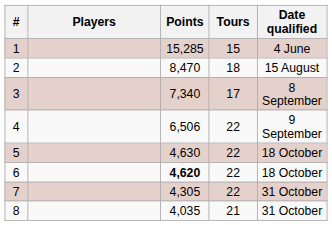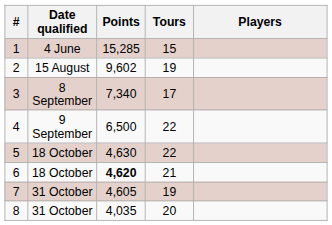 <table class="sortable wikitable" align=right style=text-align:center;font-size:90%;text:justify>
 <tr>
 <th width=20>#</th>
-<th width=150>Players</th>
+<th width=75>Date qualified</th>
 <th width=50>Points</th>
 <th width=50>Tours</th>
-<th width=75>Date qualified</th>
+<th width=150>Players</th>
 </tr>
 <tr align=center bgcolor=#e5d1cb>
 <td>1</td>
-<td align=left></td>
+<td>4 June</td>
 <td>15,285</td>
 <td>15</td>
-<td>4 June</td>
+<td align=left></td>
 </tr>
 <tr>
 <td>2</td>
+<td>15 August</td>
+<td>9,602</td>
+<td>19</td>
 <td align=left></td>
-<td>8,470</td>
-<td>18</td>
-<td>15 August</td>
 </tr>
 <tr align=center bgcolor=#e5d1cb>
 <td>3</td>
-<td align=left></td>
+<td>8 September</td>
 <td>7,340</td>
 <td>17</td>
-<td>8 September</td>
+<td align=left></td>
 </tr>
 <tr>
 <td>4</td>
+<td>9 September</td>
+<td>6,500</td>
+<td>22</td>
 <td align=left></td>
-<td>6,506</td>
-<td>22</td>
-<td>9 September</td>
 </tr>
 <tr align=center bgcolor=#e5d1cb>
 <td>5</td>
-<td align=left></td>
+<td>18 October</td>
 <td>4,630</td>
 <td>22</td>
-<td>18 October</td>
+<td align=left></td>
 </tr>
 <tr>
 <td>6</td>
+<td>18 October</td>
+<td><strong>4,620</strong></td>
+<td>21</td>
 <td align=left></td>
-<td><strong>4,620</strong></td>
-<td>22</td>
-<td>18 October</td>
 </tr>
 <tr align=center bgcolor=#e5d1cb>
 <td>7</td>
+<td>31 October</td>
+<td>4,605</td>
+<td>19</td>
 <td align=left></td>
-<td>4,305</td>
-<td>22</td>
-<td>31 October</td>
 </tr>
 <tr>
 <td>8</td>
+<td>31 October</td>
+<td>4,035</td>
+<td>20</td>
 <td align=left></td>
-<td>4,035</td>
-<td>21</td>
-<td>31 October</td>
 </tr>
 </table>
